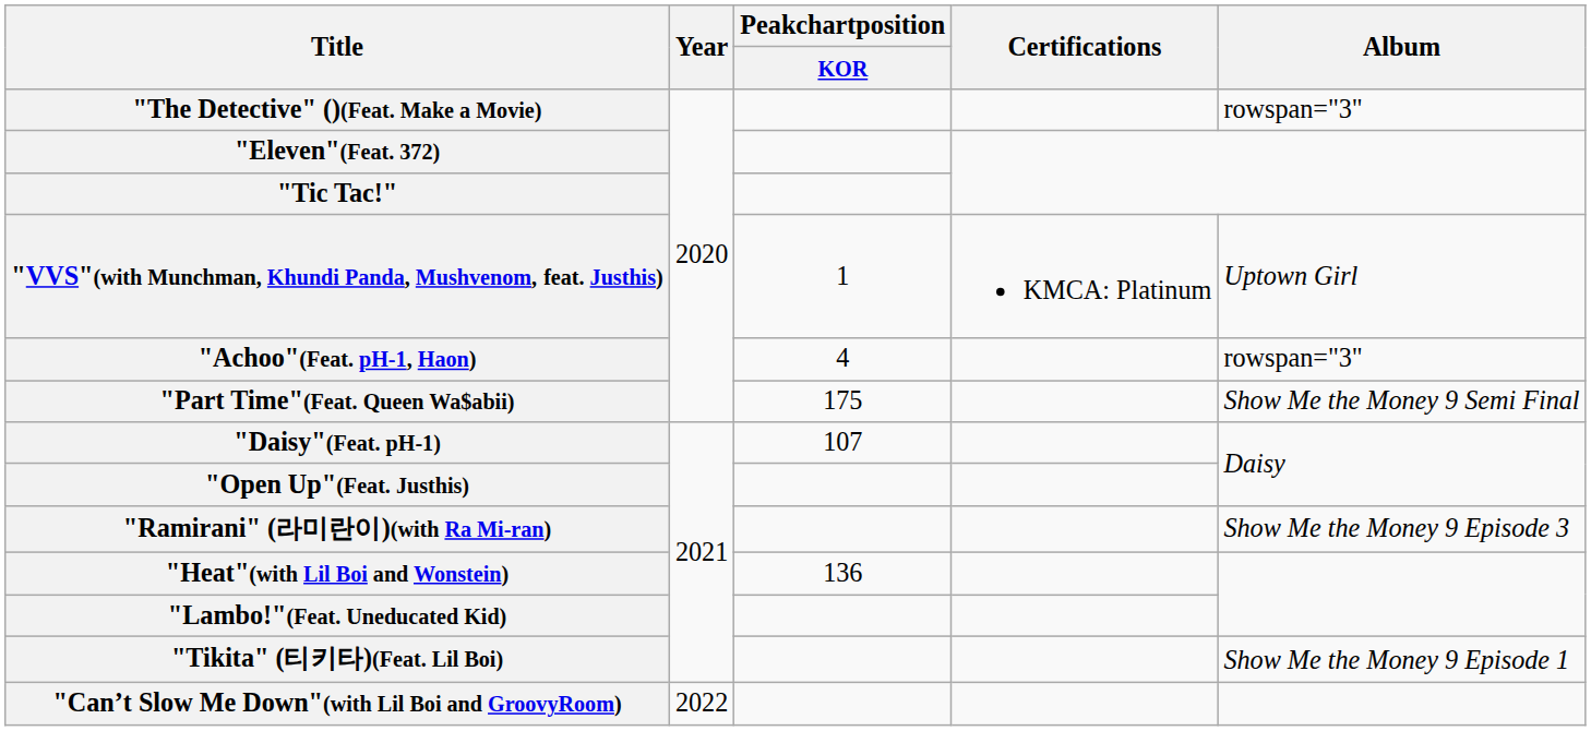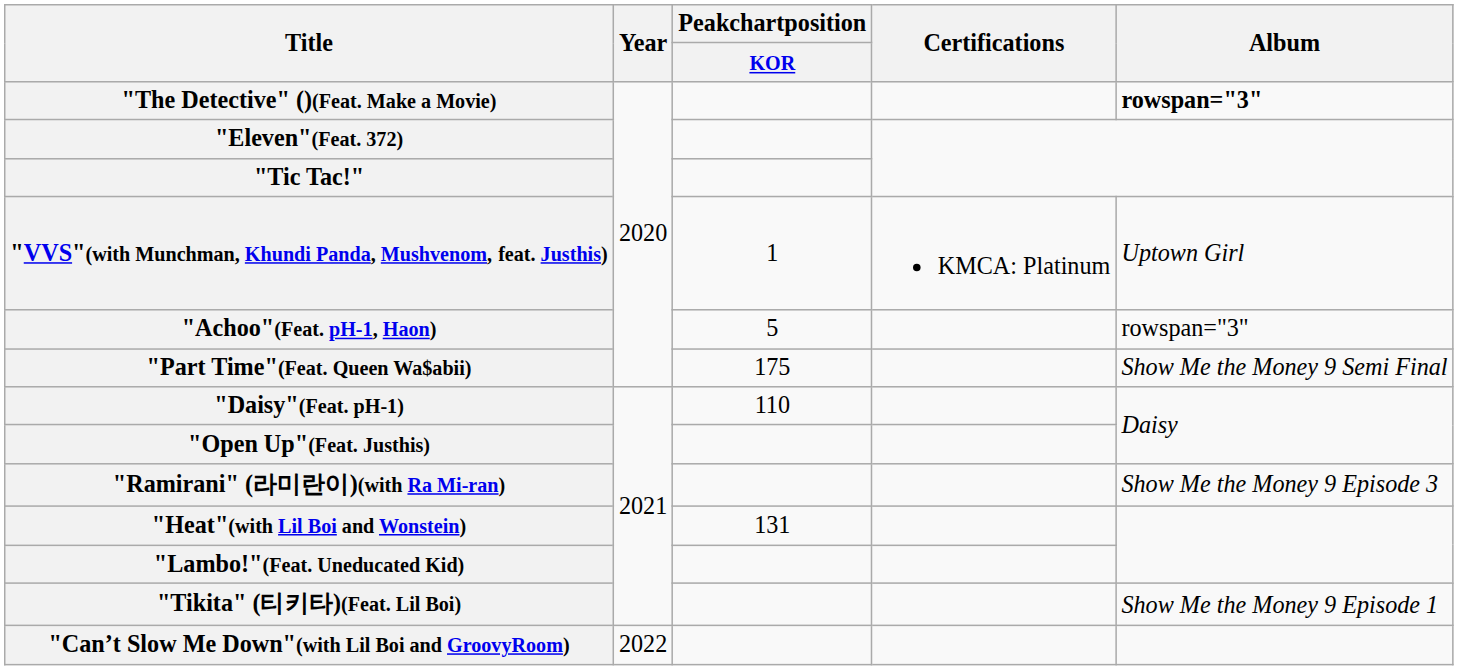 <table class="wikitable plainrowheaders">
 <tr>
 <th rowspan="2">Title</th>
 <th rowspan="2">Year</th>
 <th>Peakchartposition</th>
 <th rowspan="2">Certifications</th>
 <th rowspan="2">Album</th>
 </tr>
 <tr>
 <th><a href='#'><small>KOR</small></a></th>
 </tr>
 <tr>
 <th scope="row">"The Detective" ()<small>(Feat. Make a Movie)</small></th>
 <td rowspan="6">2020</td>
 <td></td>
 <td></td>
-<td>rowspan="3" </td>
+<td><strong>rowspan="3" </strong></td>
 </tr>
 <tr>
 <th scope="row">"Eleven"<small>(Feat. 372)</small></th>
 <td></td>
 </tr>
 <tr>
 <th scope="row">"Tic Tac!"</th>
 <td></td>
 </tr>
 <tr>
 <th scope="row">"<a href='#'>VVS</a>"<small>(with Munchman, <a href='#'>Khundi Panda</a>, <a href='#'>Mushvenom</a>,</small> <small>feat. <a href='#'>Justhis</a>)</small></th>
 <td align="center">1</td>
 <td><br><ul><li>KMCA: Platinum</li></ul></td>
 <td><em>Uptown Girl</em></td>
 </tr>
 <tr>
 <th scope="row">"Achoo"<small>(Feat. <a href='#'>pH-1</a>, <a href='#'>Haon</a>)</small></th>
-<td align="center">4</td>
+<td align="center">5</td>
 <td></td>
 <td>rowspan="3" </td>
 </tr>
 <tr>
 <th scope="row">"Part Time"<small>(Feat. Queen Wa$abii)</small></th>
 <td align="center">175</td>
 <td></td>
 <td><em>Show Me the Money 9 Semi Final</em></td>
 </tr>
 <tr>
 <th scope="row">"Daisy"<small>(Feat. pH-1)</small></th>
 <td rowspan="6">2021</td>
-<td align="center">107</td>
+<td align="center">110</td>
 <td></td>
 <td rowspan="2"><em>Daisy</em></td>
 </tr>
 <tr>
 <th scope="row">"Open Up"<small>(Feat. Justhis)</small></th>
 <td></td>
 <td></td>
 </tr>
 <tr>
 <th scope="row">"Ramirani" (라미란이)<small>(with <a href='#'>Ra Mi-ran</a>)</small></th>
 <td></td>
 <td></td>
 <td><em>Show Me the Money 9 Episode 3</em></td>
 </tr>
 <tr>
 <th scope="row">"Heat"<small>(with <a href='#'>Lil Boi</a> and <a href='#'>Wonstein</a>)</small></th>
-<td align="center">136</td>
+<td align="center">131</td>
 <td></td>
 </tr>
 <tr>
 <th scope="row">"Lambo!"<small>(Feat. Uneducated Kid)</small></th>
 <td></td>
 <td></td>
 </tr>
 <tr>
 <th scope="row">"Tikita" (티키타)<small>(Feat. Lil Boi)</small></th>
 <td></td>
 <td></td>
 <td><em>Show Me the Money 9 Episode 1</em></td>
 </tr>
 <tr>
 <th scope="row">"Can’t Slow Me Down"<small>(with Lil Boi and <a href='#'>GroovyRoom</a>)</small></th>
 <td>2022</td>
 <td></td>
 <td></td>
 <td></td>
 </tr>
 </table>
